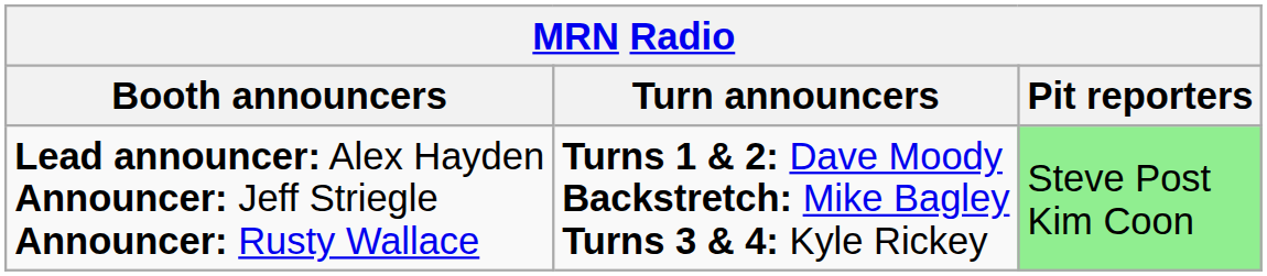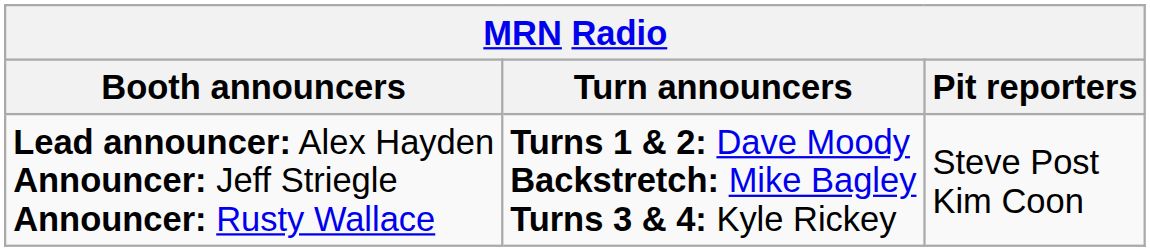 <table class="wikitable" style="font-size: 95%">
 <tr>
 <th colspan="3"><a href='#'>MRN</a> <a href='#'>Radio</a></th>
 </tr>
 <tr>
 <th>Booth announcers</th>
 <th>Turn announcers</th>
 <th>Pit reporters</th>
 </tr>
 <tr>
 <td><strong>Lead announcer:</strong> Alex Hayden<br><strong>Announcer:</strong> Jeff Striegle<br><strong>Announcer:</strong> <a href='#'>Rusty Wallace</a></td>
 <td><strong>Turns 1 & 2:</strong> <a href='#'>Dave Moody</a><br><strong>Backstretch:</strong> <a href='#'>Mike Bagley</a><br><strong>Turns 3 & 4:</strong> Kyle Rickey</td>
-<td style="background: lightgreen;">Steve Post<br>Kim Coon</td>
+<td>Steve Post<br>Kim Coon</td>
 </tr>
 </table>
